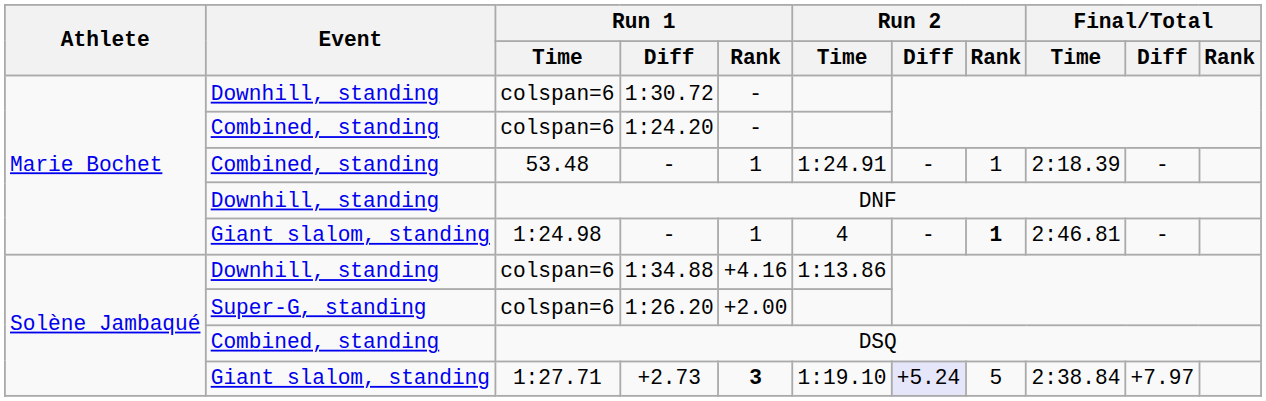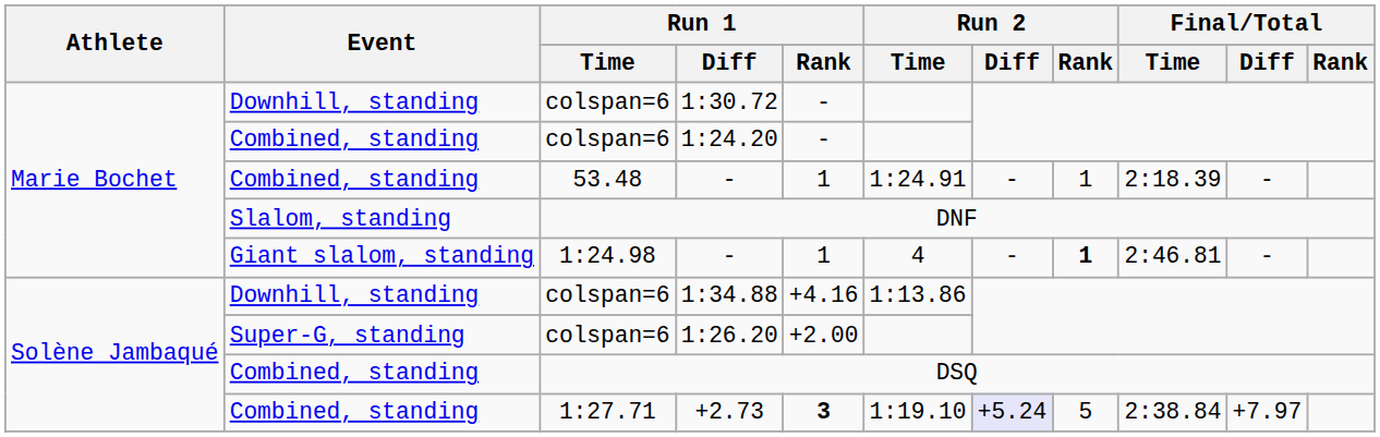 <table class="wikitable" style="font-size:90%">
 <tr>
 <th rowspan="2">Athlete</th>
 <th rowspan="2">Event</th>
 <th colspan="3">Run 1</th>
 <th colspan="3">Run 2</th>
 <th colspan="3">Final/Total</th>
 </tr>
 <tr>
 <th>Time</th>
 <th>Diff</th>
 <th>Rank</th>
 <th>Time</th>
 <th>Diff</th>
 <th>Rank</th>
 <th>Time</th>
 <th>Diff</th>
 <th>Rank</th>
 </tr>
 <tr>
 <td rowspan=5><a href='#'>Marie Bochet</a></td>
 <td><a href='#'>Downhill, standing</a></td>
 <td>colspan=6 </td>
 <td align="center">1:30.72</td>
 <td align="center">-</td>
 <td align="center"></td>
 </tr>
 <tr>
 <td><a href='#'>Combined, standing</a></td>
 <td>colspan=6 </td>
 <td align="center">1:24.20</td>
 <td align="center">-</td>
 <td align="center"></td>
 </tr>
 <tr>
 <td><a href='#'>Combined, standing</a></td>
 <td align="center">53.48</td>
 <td align="center">-</td>
 <td align="center">1</td>
 <td align="center">1:24.91</td>
 <td align="center">-</td>
 <td align="center">1</td>
 <td align="center">2:18.39</td>
 <td align="center">-</td>
 <td align="center"></td>
 </tr>
 <tr>
-<td><a href='#'>Downhill, standing</a></td>
+<td><a href='#'>Slalom, standing</a></td>
 <td align="center" colspan=9>DNF</td>
 </tr>
 <tr>
 <td><a href='#'>Giant slalom, standing</a></td>
 <td align="center">1:24.98</td>
 <td align="center">-</td>
 <td align="center">1</td>
 <td align="center">4</td>
 <td align="center">-</td>
 <td align="center"><strong>1</strong></td>
 <td align="center">2:46.81</td>
 <td align="center">-</td>
 <td align="center"></td>
 </tr>
 <tr>
 <td rowspan=4><a href='#'>Solène Jambaqué</a></td>
 <td><a href='#'>Downhill, standing</a></td>
 <td>colspan=6 </td>
 <td align="center">1:34.88</td>
 <td align="center">+4.16</td>
 <td align="center">1:13.86</td>
 </tr>
 <tr>
 <td><a href='#'>Super-G, standing</a></td>
 <td>colspan=6 </td>
 <td align="center">1:26.20</td>
 <td align="center">+2.00</td>
 <td align="center"></td>
 </tr>
 <tr>
 <td><a href='#'>Combined, standing</a></td>
 <td align="center" colspan=9>DSQ</td>
 </tr>
 <tr>
-<td><a href='#'>Giant slalom, standing</a></td>
+<td><a href='#'>Combined, standing</a></td>
 <td align="center">1:27.71</td>
 <td align="center">+2.73</td>
 <td align="center"><strong>3</strong></td>
 <td align="center">1:19.10</td>
 <td align="center" style="background: lavender;">+5.24</td>
 <td align="center">5</td>
 <td align="center">2:38.84</td>
 <td align="center">+7.97</td>
 <td align="center"></td>
 </tr>
 </table>
